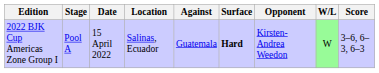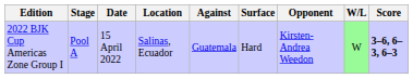 <table class=wikitable style=font-size:97%>
 <tr>
 <th>Edition</th>
 <th>Stage</th>
 <th>Date</th>
 <th>Location</th>
 <th>Against</th>
 <th>Surface</th>
 <th>Opponent</th>
 <th>W/L</th>
 <th>Score</th>
 </tr>
 <tr style="background:#CCCCFF;">
 <td><a href='#'>2022 BJK Cup</a> <br> Americas Zone Group I</td>
 <td><a href='#'>Pool A</a></td>
 <td>15 April 2022</td>
 <td rowspan=3><a href='#'>Salinas</a>, Ecuador</td>
 <td> <a href='#'>Guatemala</a></td>
-<td><strong>Hard</strong></td>
+<td>Hard</td>
 <td><a href='#'>Kirsten-Andrea Weedon</a></td>
 <td style="text-align:center; background:#98fb98;">W</td>
-<td>3–6, 6–3, 6–3</td>
+<td><strong>3–6, 6–3, 6–3</strong></td>
 </tr>
 </table>
